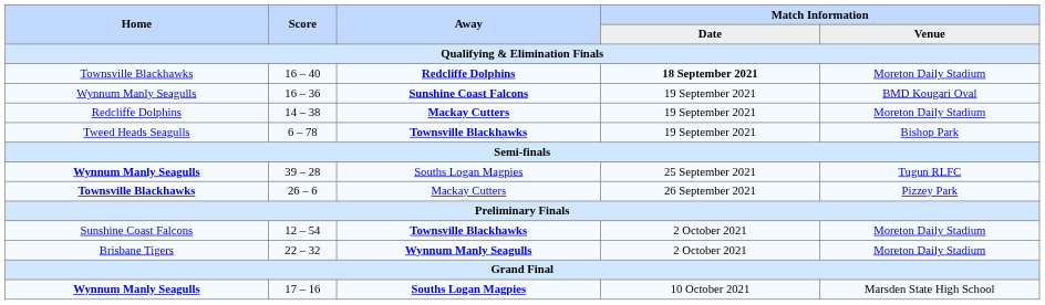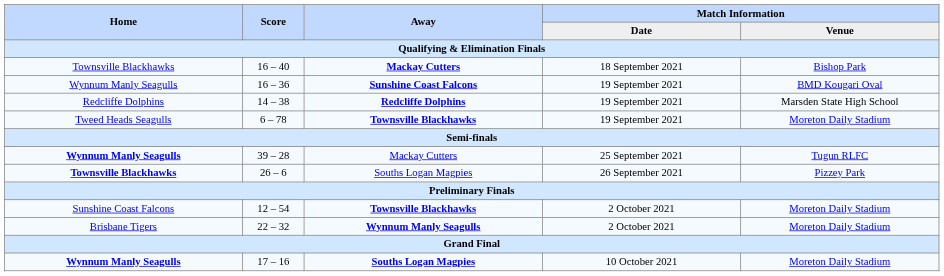 <table border="1" cellpadding="3" cellspacing="0" style="border-collapse:collapse; font-size:90%; text-align:center; width:100%;">
 <tr style="background:#c1d8ff;">
 <th rowspan=2 width=12%>Home</th>
 <th rowspan=2 width=3%>Score</th>
 <th rowspan=2 width=12%>Away</th>
 <th colspan=5>Match Information</th>
 </tr>
 <tr bgcolor=#EFEFEF>
 <th width=10%>Date</th>
 <th width=10%>Venue</th>
 </tr>
 <tr style="background:#d0e7ff;">
 <td colspan=5><strong>Qualifying & Elimination Finals</strong></td>
 </tr>
 <tr style="background:#f5faff;">
 <td> <a href='#'>Townsville Blackhawks</a></td>
 <td>16 – 40</td>
-<td> <strong><a href='#'>Redcliffe Dolphins</a></strong></td>
-<td><strong>18 September 2021</strong></td>
-<td><a href='#'>Moreton Daily Stadium</a></td>
+<td> <strong><a href='#'>Mackay Cutters</a></strong></td>
+<td>18 September 2021</td>
+<td><a href='#'>Bishop Park</a></td>
 </tr>
 <tr style="background:#f5faff;">
 <td> <a href='#'>Wynnum Manly Seagulls</a></td>
 <td>16 – 36</td>
 <td> <strong><a href='#'>Sunshine Coast Falcons</a></strong></td>
 <td>19 September 2021</td>
 <td><a href='#'>BMD Kougari Oval</a></td>
 </tr>
 <tr style="background:#f5faff;">
 <td> <a href='#'>Redcliffe Dolphins</a></td>
 <td>14 – 38</td>
-<td> <strong><a href='#'>Mackay Cutters</a></strong></td>
+<td> <strong><a href='#'>Redcliffe Dolphins</a></strong></td>
 <td>19 September 2021</td>
-<td><a href='#'>Moreton Daily Stadium</a></td>
+<td>Marsden State High School</td>
 </tr>
 <tr style="background:#f5faff;">
 <td> <a href='#'>Tweed Heads Seagulls</a></td>
 <td>6 – 78</td>
 <td> <strong><a href='#'>Townsville Blackhawks</a></strong></td>
 <td>19 September 2021</td>
-<td><a href='#'>Bishop Park</a></td>
+<td><a href='#'>Moreton Daily Stadium</a></td>
 </tr>
 <tr style="background:#d0e7ff;">
 <td colspan=5><strong>Semi-finals</strong></td>
 </tr>
 <tr style="background:#f5faff;">
 <td> <strong><a href='#'>Wynnum Manly Seagulls</a></strong></td>
 <td>39 – 28</td>
-<td> <a href='#'>Souths Logan Magpies</a></td>
+<td> <a href='#'>Mackay Cutters</a></td>
 <td>25 September 2021</td>
 <td><a href='#'>Tugun RLFC</a></td>
 </tr>
 <tr style="background:#f5faff;">
 <td> <strong><a href='#'>Townsville Blackhawks</a></strong></td>
 <td>26 – 6</td>
-<td> <a href='#'>Mackay Cutters</a></td>
+<td> <a href='#'>Souths Logan Magpies</a></td>
 <td>26 September 2021</td>
 <td><a href='#'>Pizzey Park</a></td>
 </tr>
 <tr style="background:#d0e7ff;">
 <td colspan=5><strong>Preliminary Finals</strong></td>
 </tr>
 <tr style="background:#f5faff;">
 <td> <a href='#'>Sunshine Coast Falcons</a></td>
 <td>12 – 54</td>
 <td> <strong><a href='#'>Townsville Blackhawks</a></strong></td>
 <td>2 October 2021</td>
 <td><a href='#'>Moreton Daily Stadium</a></td>
 </tr>
 <tr style="background:#f5faff;">
 <td> <a href='#'>Brisbane Tigers</a></td>
 <td>22 – 32</td>
 <td> <strong><a href='#'>Wynnum Manly Seagulls</a></strong></td>
 <td>2 October 2021</td>
 <td><a href='#'>Moreton Daily Stadium</a></td>
 </tr>
 <tr style="background:#d0e7ff;">
 <td colspan=5><strong>Grand Final</strong></td>
 </tr>
 <tr style="background:#f5faff;">
 <td> <strong><a href='#'>Wynnum Manly Seagulls</a></strong></td>
 <td>17 – 16</td>
 <td> <strong><a href='#'>Souths Logan Magpies</a></strong></td>
 <td>10 October 2021</td>
-<td>Marsden State High School</td>
+<td><a href='#'>Moreton Daily Stadium</a></td>
 </tr>
 </table>
